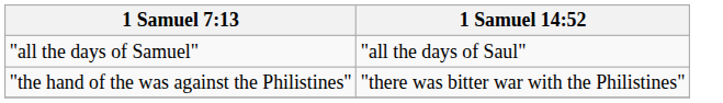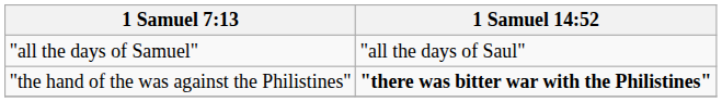 <table class=wikitable>
 <tr>
 <th>1 Samuel 7:13</th>
 <th>1 Samuel 14:52</th>
 </tr>
 <tr>
 <td>"all the days of Samuel"</td>
 <td>"all the days of Saul"</td>
 </tr>
 <tr>
 <td>"the hand of the  was against the Philistines"</td>
-<td>"there was bitter war with the Philistines"</td>
+<td><strong>"there was bitter war with the Philistines"</strong></td>
 </tr>
 <tr>
 </tr>
 </table>
